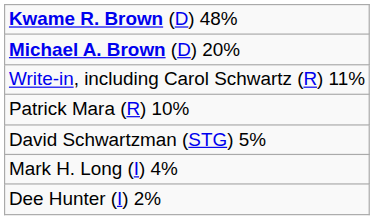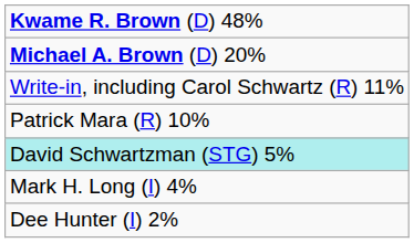 <table class="wikitable">
 <tr>
 <td><strong><a href='#'>Kwame R. Brown</a></strong> (<a href='#'>D</a>) 48%</td>
 </tr>
 <tr>
 <td><strong><a href='#'>Michael A. Brown</a></strong> (<a href='#'>D</a>) 20%</td>
 </tr>
 <tr>
 <td><a href='#'>Write-in</a>, including Carol Schwartz (<a href='#'>R</a>) 11%</td>
 </tr>
 <tr>
 <td>Patrick Mara (<a href='#'>R</a>) 10%</td>
 </tr>
 <tr>
-<td>David Schwartzman (<a href='#'>STG</a>) 5%</td>
+<td style="background: paleturquoise;">David Schwartzman (<a href='#'>STG</a>) 5%</td>
 </tr>
 <tr>
 <td>Mark H. Long (<a href='#'>I</a>) 4%</td>
 </tr>
 <tr>
 <td>Dee Hunter (<a href='#'>I</a>) 2%</td>
 </tr>
 </table>
